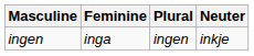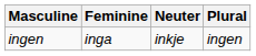 <table class="wikitable">
 <tr>
 <th>Masculine</th>
 <th>Feminine</th>
+<th>Neuter</th>
 <th>Plural</th>
-<th>Neuter</th>
 </tr>
 <tr>
 <td><em>ingen</em></td>
 <td><em>inga</em></td>
+<td><em>inkje</em></td>
 <td><em>ingen</em></td>
-<td><em>inkje</em></td>
 </tr>
 </table>
